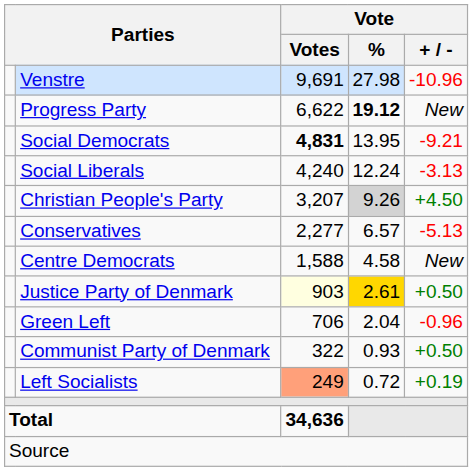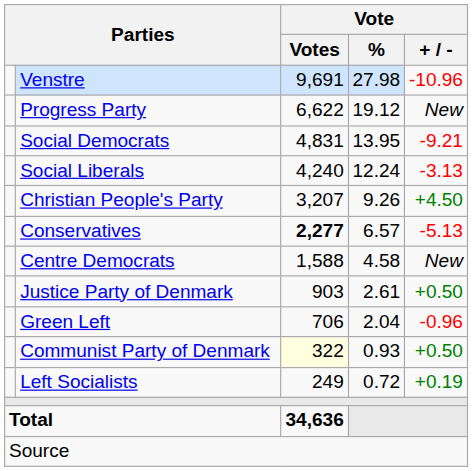 <table class="wikitable" style="text-align:right;">
 <tr>
 <th style="text-align:centre;" rowspan="2" colspan="2" width="225">Parties</th>
 <th colspan="3">Vote</th>
 </tr>
 <tr>
 <th width="15">Votes</th>
 <th width="15">%</th>
 <th width="15">+ / -</th>
 </tr>
 <tr>
 <td width="2" style="color:inherit;background:"></td>
 <td bgcolor=#cfe5fe  align="left"><a href='#'>Venstre</a></td>
 <td bgcolor=#cfe5fe>9,691</td>
 <td bgcolor=#cfe5fe>27.98</td>
 <td style=color:red;>-10.96</td>
 </tr>
 <tr>
 <td width="2" style="color:inherit;background:"></td>
 <td align="left"><a href='#'>Progress Party</a></td>
 <td>6,622</td>
-<td><strong>19.12</strong></td>
+<td>19.12</td>
 <td><em>New</em></td>
 </tr>
 <tr>
 <td width="2" style="color:inherit;background:"></td>
 <td align="left"><a href='#'>Social Democrats</a></td>
-<td><strong>4,831</strong></td>
+<td>4,831</td>
 <td>13.95</td>
 <td style=color:red;>-9.21</td>
 </tr>
 <tr>
 <td width="2" style="color:inherit;background:"></td>
 <td align="left"><a href='#'>Social Liberals</a></td>
 <td>4,240</td>
 <td>12.24</td>
 <td style=color:red;>-3.13</td>
 </tr>
 <tr>
 <td width="2" style="color:inherit;background:"></td>
 <td align="left"><a href='#'>Christian People's Party</a></td>
 <td>3,207</td>
-<td style="background: lightgrey;">9.26</td>
+<td>9.26</td>
 <td style=color:green;>+4.50</td>
 </tr>
 <tr>
 <td width="2" style="color:inherit;background:"></td>
 <td align="left"><a href='#'>Conservatives</a></td>
-<td>2,277</td>
+<td><strong>2,277</strong></td>
 <td>6.57</td>
 <td style=color:red;>-5.13</td>
 </tr>
 <tr>
 <td width="2" style="color:inherit;background:"></td>
 <td align="left"><a href='#'>Centre Democrats</a></td>
 <td>1,588</td>
 <td>4.58</td>
 <td><em>New</em></td>
 </tr>
 <tr>
 <td width="2" style="color:inherit;background:"></td>
 <td align="left"><a href='#'>Justice Party of Denmark</a></td>
-<td style="background: lightyellow;">903</td>
-<td style="background: gold;">2.61</td>
+<td>903</td>
+<td>2.61</td>
 <td style=color:green;>+0.50</td>
 </tr>
 <tr>
 <td width="2" style="color:inherit;background:"></td>
 <td align="left"><a href='#'>Green Left</a></td>
 <td>706</td>
 <td>2.04</td>
 <td style=color:red;>-0.96</td>
 </tr>
 <tr>
 <td width="2" style="color:inherit;background:"></td>
 <td align="left"><a href='#'>Communist Party of Denmark</a></td>
-<td>322</td>
+<td style="background: lightyellow;">322</td>
 <td>0.93</td>
 <td style=color:green;>+0.50</td>
 </tr>
 <tr>
 <td width="2" style="color:inherit;background:"></td>
 <td align="left"><a href='#'>Left Socialists</a></td>
-<td style="background: lightsalmon;">249</td>
+<td>249</td>
 <td>0.72</td>
 <td style=color:green;>+0.19</td>
 </tr>
 <tr>
 <td colspan="7" bgcolor="#E9E9E9"></td>
 </tr>
 <tr>
 <td align="left" colspan="2"><strong>Total</strong></td>
 <td><strong>34,636</strong></td>
 <td bgcolor="#E9E9E9" colspan="2"></td>
 </tr>
 <tr>
 <td align="left" colspan="6">Source</td>
 </tr>
 </table>
